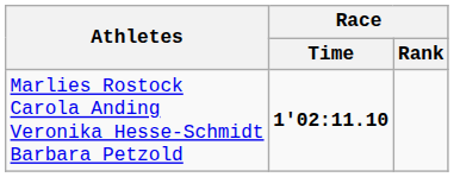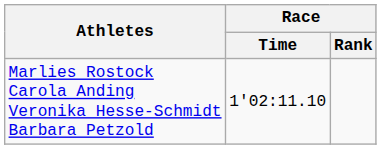 <table class="wikitable" style="font-size:90%;">
 <tr>
 <th rowspan=2>Athletes</th>
 <th colspan=2>Race</th>
 </tr>
 <tr>
 <th>Time</th>
 <th>Rank</th>
 </tr>
 <tr>
 <td><a href='#'>Marlies Rostock</a><br><a href='#'>Carola Anding</a><br><a href='#'>Veronika Hesse-Schmidt</a><br><a href='#'>Barbara Petzold</a></td>
-<td align=center><strong>1'02:11.10</strong></td>
+<td align=center>1'02:11.10</td>
 <td align=center></td>
 </tr>
 </table>
